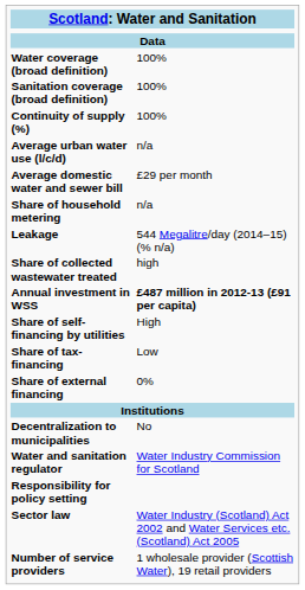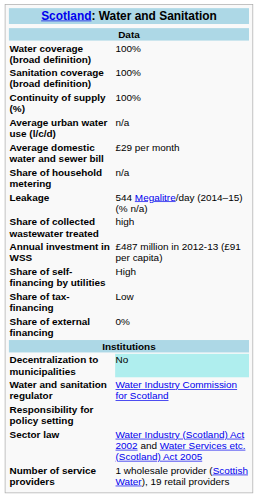 <table style="width: 25em; font-size: 90%; text-align: left;" class="infobox">
 <tr>
 <th align="center" bgcolor="lightblue" colspan="2"><big><a href='#'>Scotland</a>: Water and Sanitation</big></th>
 </tr>
 <tr>
 <td colspan="2" style="text-align:center"></td>
 </tr>
 <tr>
 <th align="center" bgcolor="lightblue" colspan="3">Data</th>
 </tr>
 <tr>
 <th align="left" valign="top">Water coverage (broad definition)</th>
 <td valign="top">100%</td>
 </tr>
 <tr>
 <th align="left" valign="top">Sanitation coverage (broad definition)</th>
 <td valign="top">100%</td>
 </tr>
 <tr>
 <th align="left" valign="top">Continuity of supply (%)</th>
 <td valign="top">100%</td>
 </tr>
 <tr>
 <th align="left" valign="top">Average urban water use (l/c/d)</th>
 <td valign="top">n/a</td>
 </tr>
 <tr>
 <th align="left" valign="top">Average domestic water and sewer bill</th>
 <td valign="top">£29 per month </td>
 </tr>
 <tr>
 <th align="left" valign="top">Share of household metering</th>
 <td valign="top">n/a</td>
 </tr>
 <tr>
 <th align="left" valign="top">Leakage</th>
 <td valign="top">544 <a href='#'>Megalitre</a>/day (2014–15) (% n/a)</td>
 </tr>
 <tr>
 <th align="left" valign="top">Share of collected wastewater treated</th>
 <td valign="top">high</td>
 </tr>
 <tr>
 <th align="left" valign="top">Annual investment in WSS</th>
-<td valign="top"><strong>£487 million in 2012-13 (£91 per capita)</strong></td>
+<td valign="top">£487 million in 2012-13 (£91 per capita)</td>
 </tr>
 <tr>
 <th align="left" valign="top">Share of self-financing by utilities</th>
 <td valign="top">High</td>
 </tr>
 <tr>
 <th align="left" valign="top">Share of tax-financing</th>
 <td valign="top">Low</td>
 </tr>
 <tr>
 <th align="left" valign="top">Share of external financing</th>
 <td valign="top">0%</td>
 </tr>
 <tr>
 <th align="center" bgcolor="lightblue" colspan="3">Institutions</th>
 </tr>
 <tr>
 <th align="left" valign="top">Decentralization to municipalities</th>
-<td valign="top">No</td>
+<td valign="top" style="background: paleturquoise;">No</td>
 </tr>
 <tr>
 <th align="left" valign="top">Water and sanitation regulator</th>
 <td valign="top"><a href='#'>Water Industry Commission for Scotland</a></td>
 </tr>
 <tr>
 <th align="left" valign="top">Responsibility for policy setting</th>
 <td valign="top"></td>
 </tr>
 <tr>
 <th align="left" valign="top">Sector law</th>
 <td valign="top"><a href='#'>Water Industry (Scotland) Act 2002</a> and <a href='#'>Water Services etc. (Scotland) Act 2005</a></td>
 </tr>
 <tr>
 <th align="left" valign="top">Number of service providers</th>
 <td valign="top">1 wholesale provider (<a href='#'>Scottish Water</a>), 19 retail providers</td>
 </tr>
 <tr>
 </tr>
 </table>
